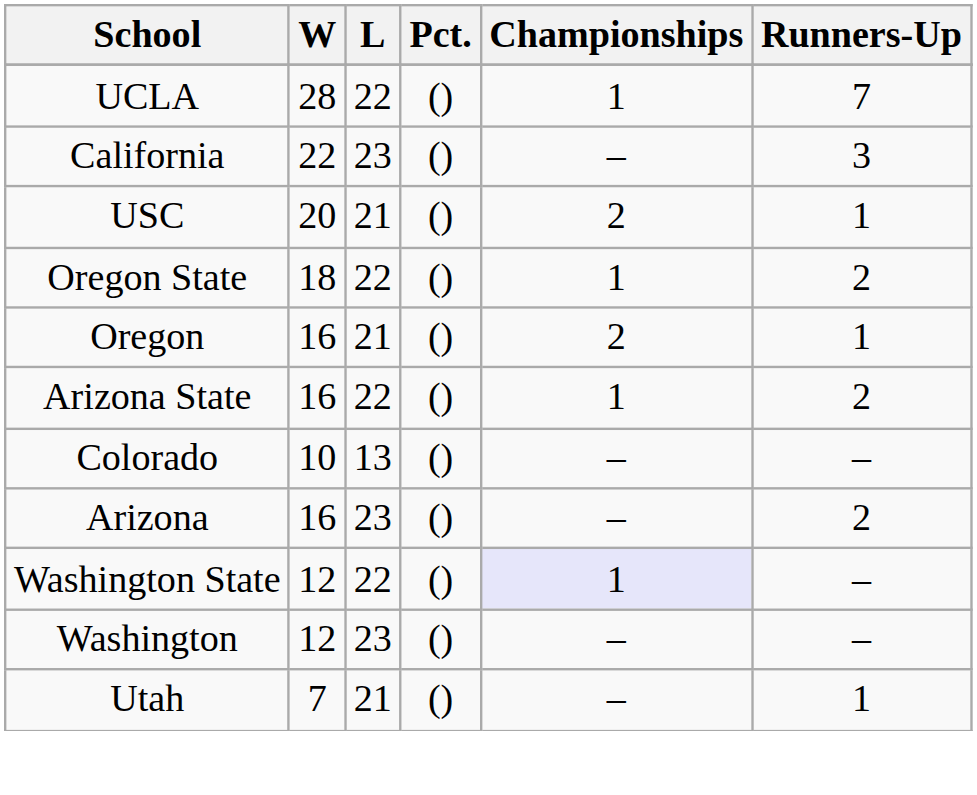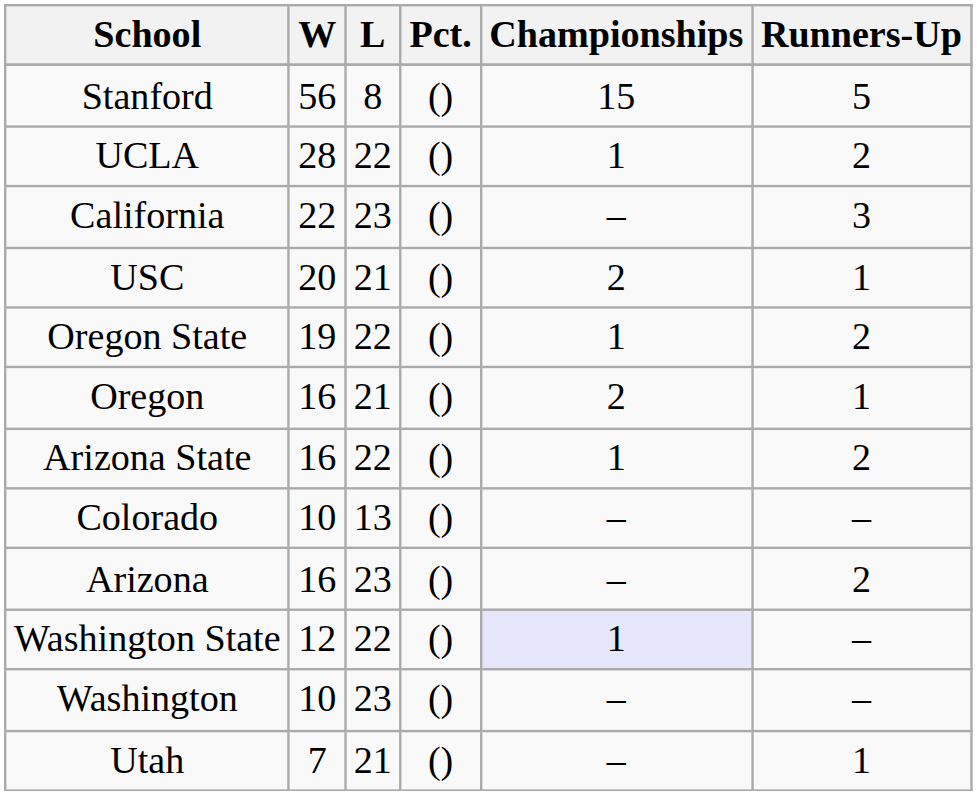 <table class="wikitable sortable" style="text-align:center">
 <tr>
 <th width=px>School</th>
 <th width=px>W</th>
 <th width=px>L</th>
 <th width=px>Pct.</th>
 <th width=px>Championships</th>
 <th width=px>Runners-Up</th>
 </tr>
 <tr>
 </tr>
 <tr>
+<td>Stanford</td>
+<td>56</td>
+<td>8</td>
+<td>()</td>
+<td>15</td>
+<td>5</td>
+</tr>
+<tr>
 <td>UCLA</td>
 <td>28</td>
 <td>22</td>
 <td>()</td>
 <td>1</td>
-<td>7</td>
+<td>2</td>
 </tr>
 <tr>
 <td>California</td>
 <td>22</td>
 <td>23</td>
 <td>()</td>
 <td>–</td>
 <td>3</td>
 </tr>
 <tr>
 <td>USC</td>
 <td>20</td>
 <td>21</td>
 <td>()</td>
 <td>2</td>
 <td>1</td>
 </tr>
 <tr>
 <td>Oregon State</td>
-<td>18</td>
+<td>19</td>
 <td>22</td>
 <td>()</td>
 <td>1</td>
 <td>2</td>
 </tr>
 <tr>
 <td>Oregon</td>
 <td>16</td>
 <td>21</td>
 <td>()</td>
 <td>2</td>
 <td>1</td>
 </tr>
 <tr>
 <td>Arizona State</td>
 <td>16</td>
 <td>22</td>
 <td>()</td>
 <td>1</td>
 <td>2</td>
 </tr>
 <tr>
 <td>Colorado</td>
 <td>10</td>
 <td>13</td>
 <td>()</td>
 <td>–</td>
 <td>–</td>
 </tr>
 <tr>
 <td>Arizona</td>
 <td>16</td>
 <td>23</td>
 <td>()</td>
 <td>–</td>
 <td>2</td>
 </tr>
 <tr>
 <td>Washington State</td>
 <td>12</td>
 <td>22</td>
 <td>()</td>
 <td style="background: lavender;">1</td>
 <td>–</td>
 </tr>
 <tr>
 <td>Washington</td>
-<td>12</td>
+<td>10</td>
 <td>23</td>
 <td>()</td>
 <td>–</td>
 <td>–</td>
 </tr>
 <tr>
 <td>Utah</td>
 <td>7</td>
 <td>21</td>
 <td>()</td>
 <td>–</td>
 <td>1</td>
 </tr>
 </table>
